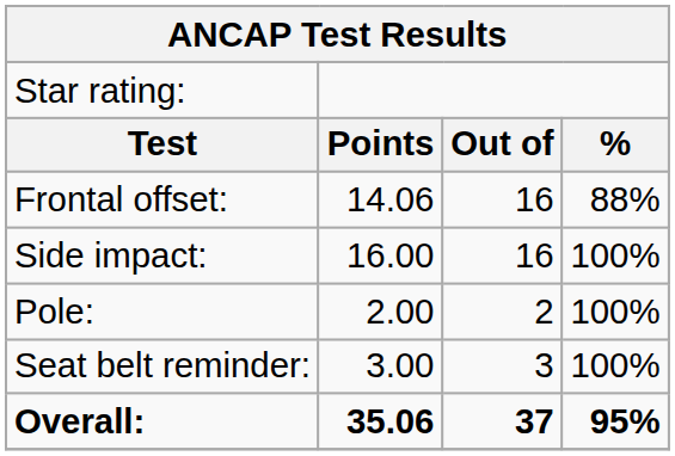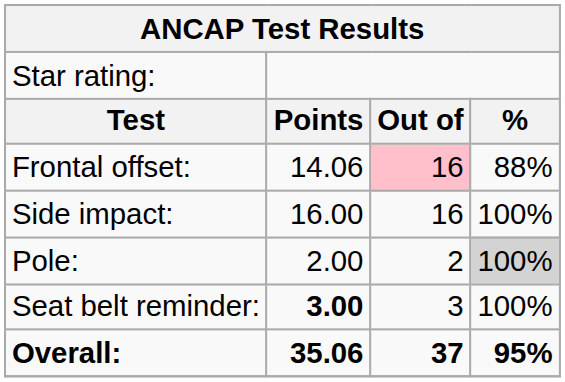 <table class="wikitable" style="font-size: 90%">
 <tr>
 <th colspan="4">ANCAP Test Results</th>
 </tr>
 <tr>
 <td>Star rating:</td>
 <td colspan="3" align="center">    </td>
 </tr>
 <tr>
 <th>Test</th>
 <th>Points</th>
 <th>Out of</th>
 <th>%</th>
 </tr>
 <tr>
 <td>Frontal offset:</td>
 <td align="right">14.06</td>
-<td align="right">16</td>
+<td align="right" style="background: pink;">16</td>
 <td align="right">88%</td>
 </tr>
 <tr>
 <td>Side impact:</td>
 <td align="right">16.00</td>
 <td align="right">16</td>
 <td align="right">100%</td>
 </tr>
 <tr>
 <td>Pole:</td>
 <td align="right">2.00</td>
 <td align="right">2</td>
-<td align="right">100%</td>
+<td align="right" style="background: lightgrey;">100%</td>
 </tr>
 <tr>
 <td>Seat belt reminder:</td>
-<td align="right">3.00</td>
+<td align="right"><strong>3.00</strong></td>
 <td align="right">3</td>
 <td align="right">100%</td>
 </tr>
 <tr style="font-weight: bold">
 <td>Overall:</td>
 <td align="right">35.06</td>
 <td align="right">37</td>
 <td align="right">95%</td>
 </tr>
 <tr>
 </tr>
 </table>
